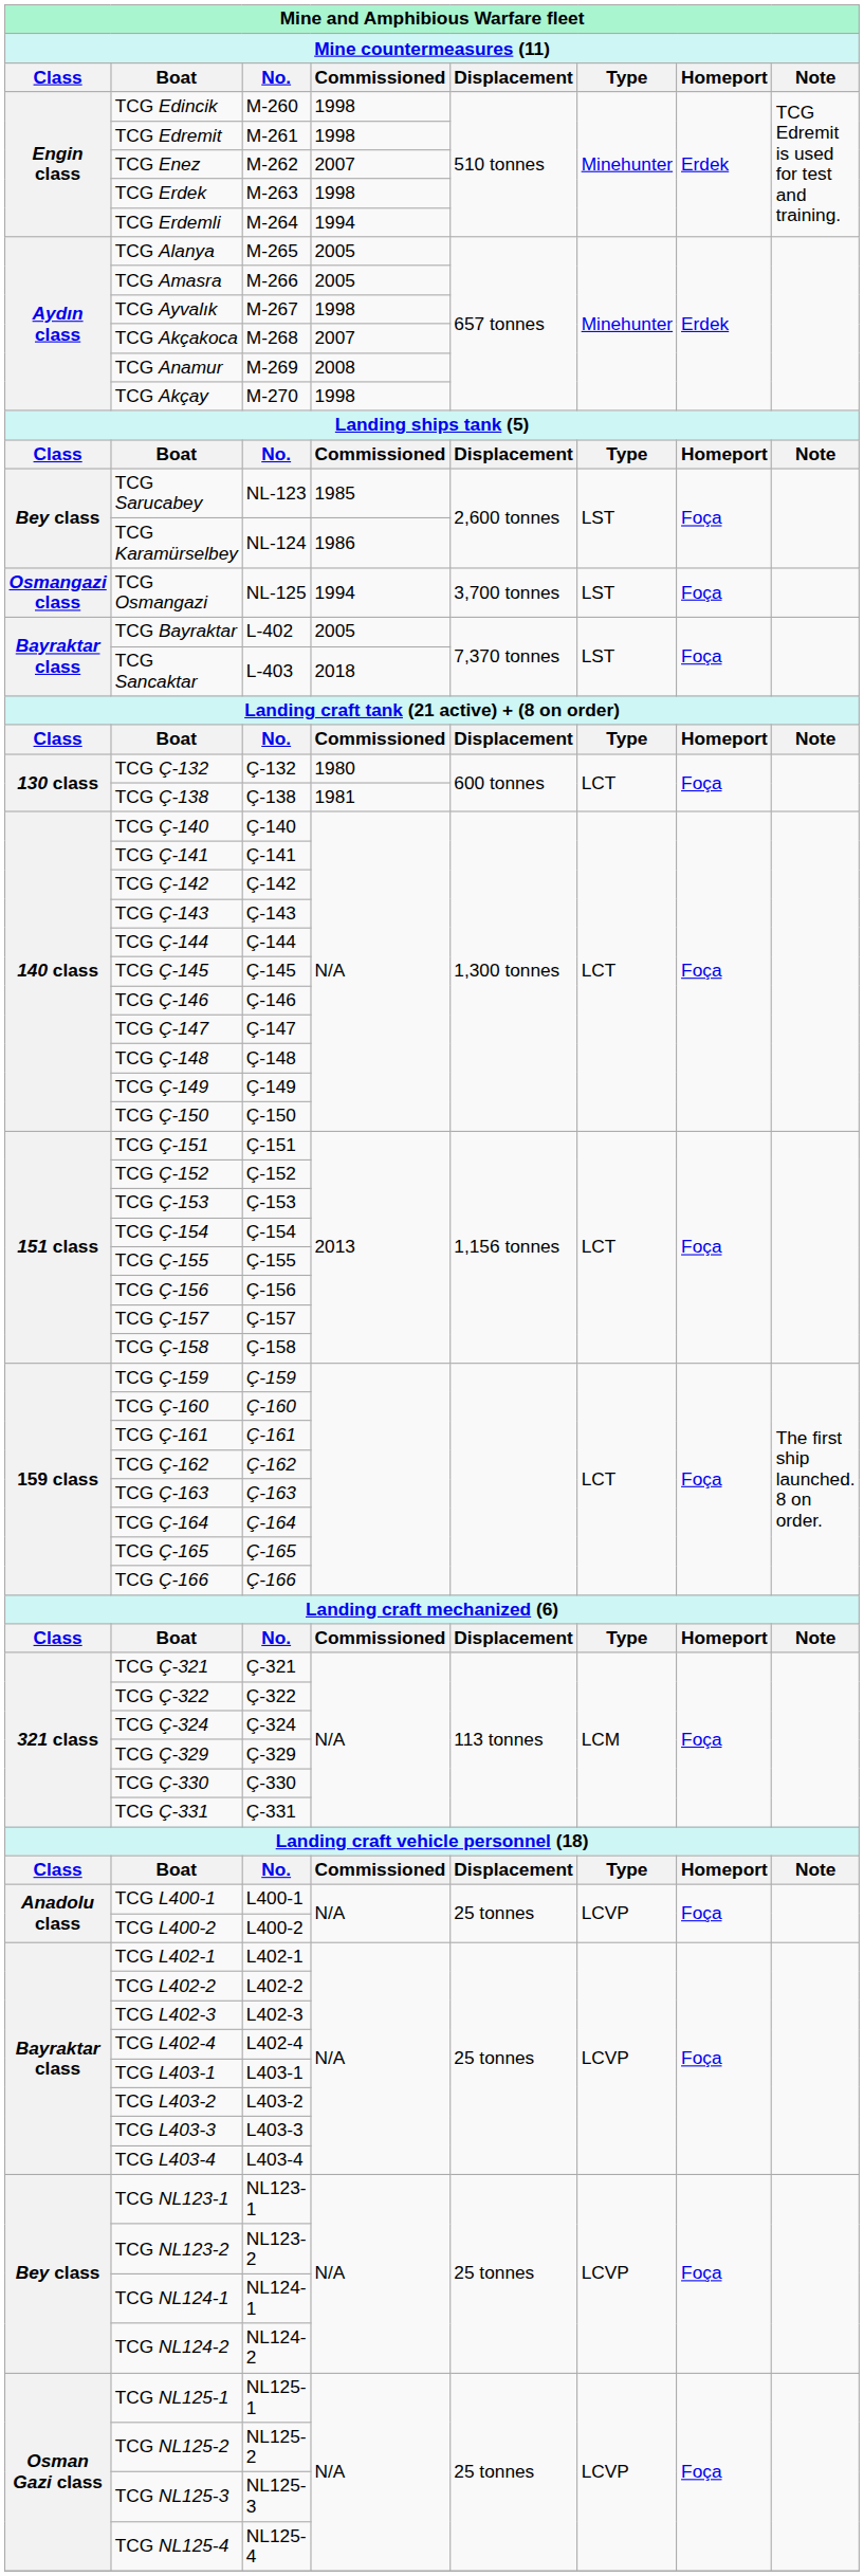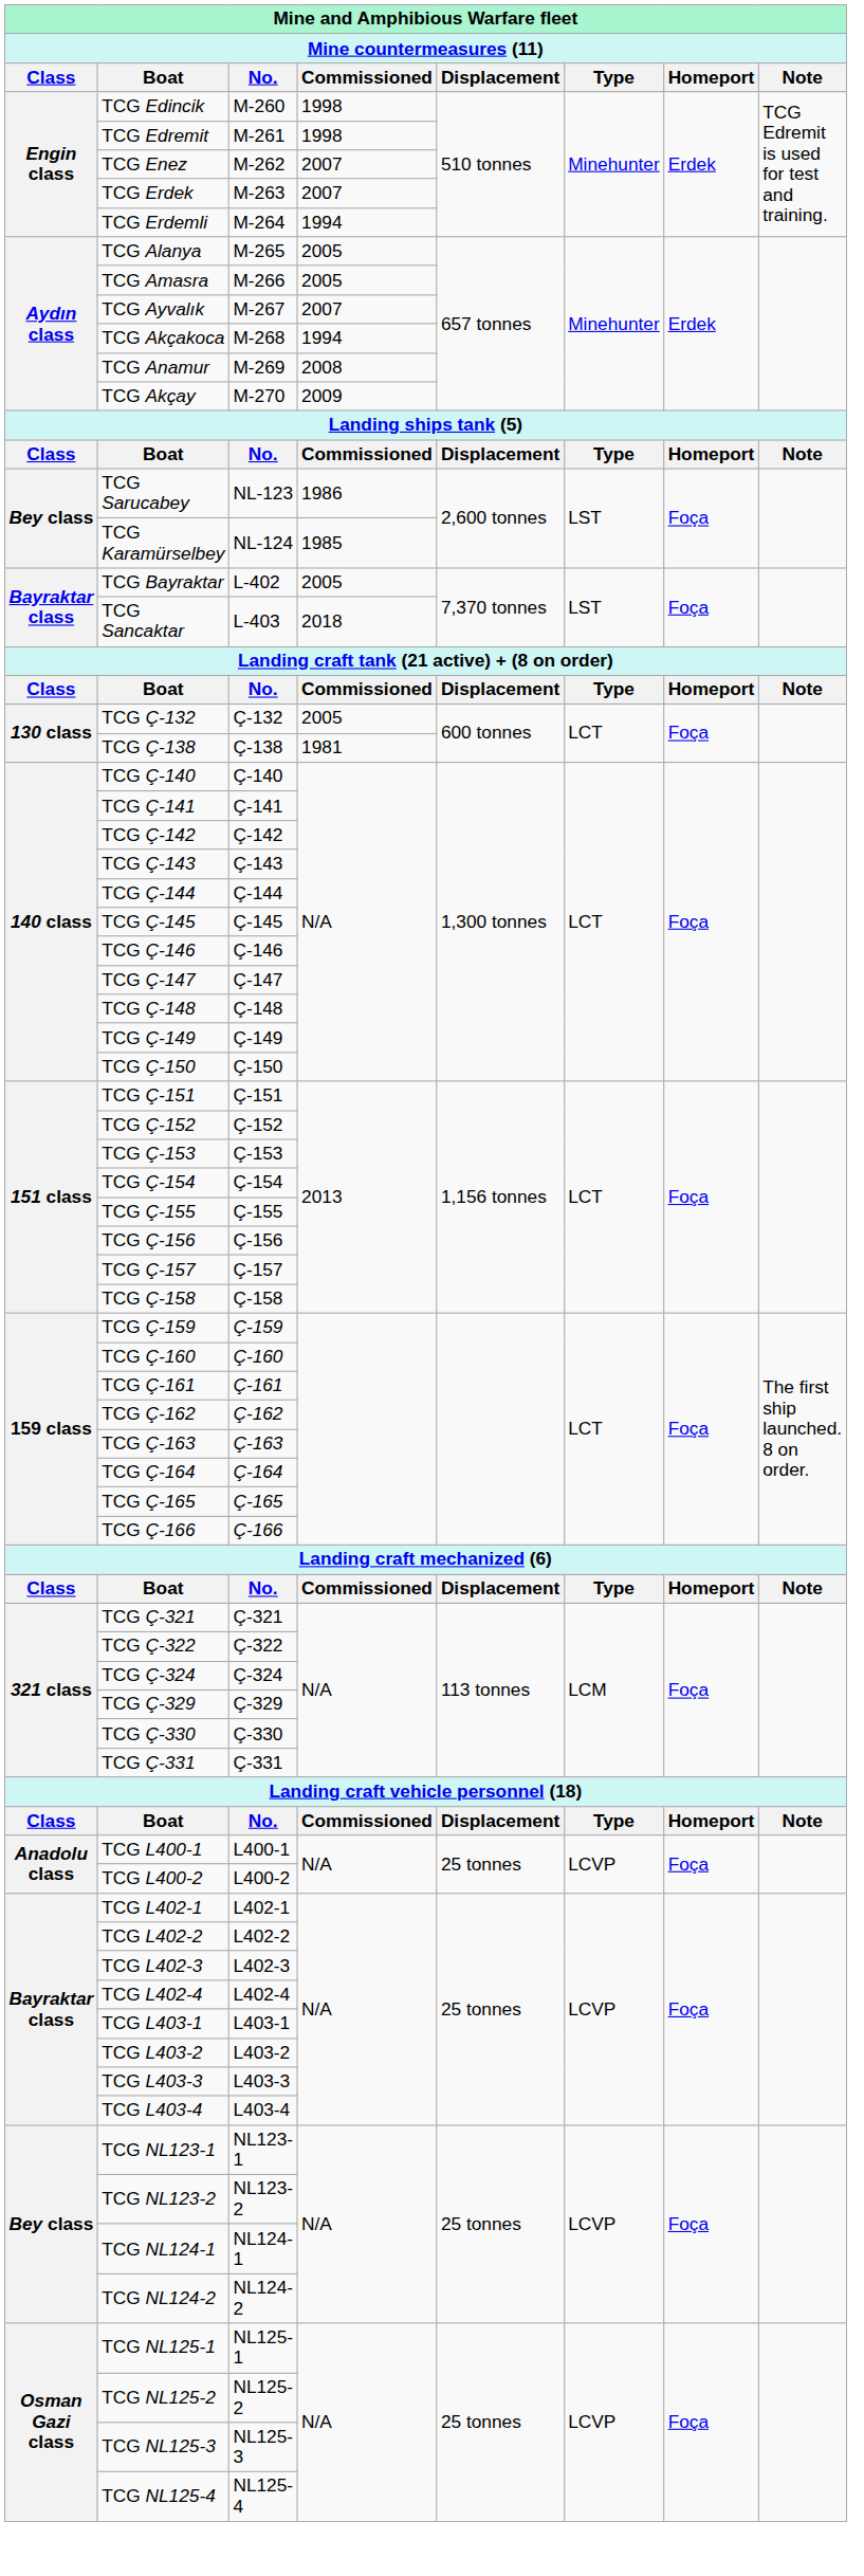 <table class="wikitable" style="margin:auto; width:100%;">
 <tr>
 <th style="align: center; background: #A9F5D0;" colspan="8">Mine and Amphibious Warfare fleet</th>
 </tr>
 <tr>
 <th style="align: center; background: #CEF6F5;" colspan="8"><a href='#'>Mine countermeasures</a> (11)</th>
 </tr>
 <tr>
 <th style="text-align:center; width:14%;"><a href='#'>Class</a></th>
 <th style="text-align:center; width:14%;">Boat</th>
 <th style="text-align:center; width:14%;"><a href='#'>No.</a></th>
 <th style="text-align:center; width:14%;">Commissioned</th>
 <th style="text-align:center; width:14%;">Displacement</th>
 <th style="text-align:center; width:14%;">Type</th>
 <th style="text-align:center; width:14%;">Homeport</th>
 <th style="text-align:center; width:2%;">Note</th>
 </tr>
 <tr>
 <th rowspan="5"><em>Engin</em> class</th>
 <td>TCG <em>Edincik</em></td>
 <td>M-260</td>
 <td>1998</td>
 <td rowspan="5">510 tonnes</td>
 <td rowspan="5"><a href='#'>Minehunter</a></td>
 <td rowspan="5"><a href='#'>Erdek</a></td>
 <td rowspan="5">TCG Edremit is used for test and training.</td>
 </tr>
 <tr>
 <td>TCG <em>Edremit</em></td>
 <td>M-261</td>
 <td>1998</td>
 </tr>
 <tr>
 <td>TCG <em>Enez</em></td>
 <td>M-262</td>
 <td>2007</td>
 </tr>
 <tr>
 <td>TCG <em>Erdek</em></td>
 <td>M-263</td>
-<td>1998</td>
+<td>2007</td>
 </tr>
 <tr>
 <td>TCG <em>Erdemli</em></td>
 <td>M-264</td>
 <td>1994</td>
 </tr>
 <tr>
 <th rowspan="6"><a href='#'><em>Aydın</em> class</a></th>
 <td>TCG <em>Alanya</em></td>
 <td>M-265</td>
 <td>2005</td>
 <td rowspan="6">657 tonnes</td>
 <td rowspan="6"><a href='#'>Minehunter</a></td>
 <td rowspan="6"><a href='#'>Erdek</a></td>
 <td rowspan="6"></td>
 </tr>
 <tr>
 <td>TCG <em>Amasra</em></td>
 <td>M-266</td>
 <td>2005</td>
 </tr>
 <tr>
 <td>TCG <em>Ayvalık</em></td>
 <td>M-267</td>
-<td>1998</td>
+<td>2007</td>
 </tr>
 <tr>
 <td>TCG <em>Akçakoca</em></td>
 <td>M-268</td>
-<td>2007</td>
+<td>1994</td>
 </tr>
 <tr>
 <td>TCG <em>Anamur</em></td>
 <td>M-269</td>
 <td>2008</td>
 </tr>
 <tr>
 <td>TCG <em>Akçay</em></td>
 <td>M-270</td>
-<td>1998</td>
+<td>2009</td>
 </tr>
 <tr>
 <th style="align: center; background: #CEF6F5;" colspan="8"><a href='#'>Landing ships tank</a> (5)</th>
 </tr>
 <tr>
 <th style="text-align:center; width:14%;"><a href='#'>Class</a></th>
 <th style="text-align:center; width:14%;">Boat</th>
 <th style="text-align:center; width:14%;"><a href='#'>No.</a></th>
 <th style="text-align:center; width:14%;">Commissioned</th>
 <th style="text-align:center; width:14%;">Displacement</th>
 <th style="text-align:center; width:14%;">Type</th>
 <th style="text-align:center; width:14%;">Homeport</th>
 <th style="text-align:center; width:2%;">Note</th>
 </tr>
 <tr>
 <th rowspan="2"><em>Bey</em> class</th>
 <td>TCG <em>Sarucabey</em></td>
 <td>NL-123</td>
-<td>1985</td>
+<td>1986</td>
 <td rowspan="2">2,600 tonnes</td>
 <td rowspan="2">LST</td>
 <td rowspan="2"><a href='#'>Foça</a></td>
 <td rowspan="2"></td>
 </tr>
 <tr>
 <td>TCG <em>Karamürselbey</em></td>
 <td>NL-124</td>
-<td>1986</td>
-</tr>
-<tr>
-<th><a href='#'><em>Osmangazi</em> class</a></th>
-<td>TCG <em>Osmangazi</em></td>
-<td>NL-125</td>
-<td>1994</td>
-<td>3,700 tonnes</td>
-<td>LST</td>
-<td><a href='#'>Foça</a></td>
-<td></td>
+<td>1985</td>
 </tr>
 <tr>
 <th rowspan="2"><a href='#'><em>Bayraktar</em> class</a></th>
 <td>TCG <em>Bayraktar</em></td>
 <td>L-402</td>
 <td>2005</td>
 <td rowspan="2">7,370 tonnes</td>
 <td rowspan="2">LST</td>
 <td rowspan="2"><a href='#'>Foça</a></td>
 <td rowspan="2"></td>
 </tr>
 <tr>
 <td>TCG <em>Sancaktar</em></td>
 <td>L-403</td>
 <td>2018</td>
 </tr>
 <tr>
 <th style="align: center; background: #CEF6F5;" colspan="8"><a href='#'>Landing craft tank</a> (21 active) + (8 on order)</th>
 </tr>
 <tr>
 <th style="text-align:center; width:14%;"><a href='#'>Class</a></th>
 <th style="text-align:center; width:14%;">Boat</th>
 <th style="text-align:center; width:14%;"><a href='#'>No.</a></th>
 <th style="text-align:center; width:14%;">Commissioned</th>
 <th style="text-align:center; width:14%;">Displacement</th>
 <th style="text-align:center; width:14%;">Type</th>
 <th style="text-align:center; width:14%;">Homeport</th>
 <th style="text-align:center; width:2%;">Note</th>
 </tr>
 <tr>
 <th rowspan="2"><em>130</em> class</th>
 <td>TCG <em>Ç-132</em></td>
 <td>Ç-132</td>
-<td>1980</td>
+<td>2005</td>
 <td rowspan="2">600 tonnes</td>
 <td rowspan="2">LCT</td>
 <td rowspan="2"><a href='#'>Foça</a></td>
 <td rowspan="2"></td>
 </tr>
 <tr>
 <td>TCG <em>Ç-138</em></td>
 <td>Ç-138</td>
 <td>1981</td>
 </tr>
 <tr>
 <th rowspan="11"><em>140</em> class</th>
 <td>TCG <em>Ç-140</em></td>
 <td>Ç-140</td>
 <td rowspan="11">N/A</td>
 <td rowspan="11">1,300 tonnes</td>
 <td rowspan="11">LCT</td>
 <td rowspan="11"><a href='#'>Foça</a></td>
 <td rowspan="11"></td>
 </tr>
 <tr>
 <td>TCG <em>Ç-141</em></td>
 <td>Ç-141</td>
 </tr>
 <tr>
 <td>TCG <em>Ç-142</em></td>
 <td>Ç-142</td>
 </tr>
 <tr>
 <td>TCG <em>Ç-143</em></td>
 <td>Ç-143</td>
 </tr>
 <tr>
 <td>TCG <em>Ç-144</em></td>
 <td>Ç-144</td>
 </tr>
 <tr>
 <td>TCG <em>Ç-145</em></td>
 <td>Ç-145</td>
 </tr>
 <tr>
 <td>TCG <em>Ç-146</em></td>
 <td>Ç-146</td>
 </tr>
 <tr>
 <td>TCG <em>Ç-147</em></td>
 <td>Ç-147</td>
 </tr>
 <tr>
 <td>TCG <em>Ç-148</em></td>
 <td>Ç-148</td>
 </tr>
 <tr>
 <td>TCG <em>Ç-149</em></td>
 <td>Ç-149</td>
 </tr>
 <tr>
 <td>TCG <em>Ç-150</em></td>
 <td>Ç-150</td>
 </tr>
 <tr>
 <th rowspan="8"><em>151</em> class</th>
 <td>TCG <em>Ç-151</em></td>
 <td>Ç-151</td>
 <td rowspan="8">2013</td>
 <td rowspan="8">1,156 tonnes</td>
 <td rowspan="8">LCT</td>
 <td rowspan="8"><a href='#'>Foça</a></td>
 <td rowspan="8"></td>
 </tr>
 <tr>
 <td>TCG <em>Ç-152</em></td>
 <td>Ç-152</td>
 </tr>
 <tr>
 <td>TCG <em>Ç-153</em></td>
 <td>Ç-153</td>
 </tr>
 <tr>
 <td>TCG <em>Ç-154</em></td>
 <td>Ç-154</td>
 </tr>
 <tr>
 <td>TCG <em>Ç-155</em></td>
 <td>Ç-155</td>
 </tr>
 <tr>
 <td>TCG <em>Ç-156</em></td>
 <td>Ç-156</td>
 </tr>
 <tr>
 <td>TCG <em>Ç-157</em></td>
 <td>Ç-157</td>
 </tr>
 <tr>
 <td>TCG <em>Ç-158</em></td>
 <td>Ç-158</td>
 </tr>
 <tr>
 <th rowspan="8">159 class</th>
 <td>TCG <em>Ç-159</em></td>
 <td><em>Ç-159</em></td>
 <td rowspan="8"></td>
 <td rowspan="8"></td>
 <td rowspan="8">LCT</td>
 <td rowspan="8"><a href='#'>Foça</a></td>
 <td rowspan="8">The first ship launched.<br>8 on order.</td>
 </tr>
 <tr>
 <td>TCG <em>Ç-160</em></td>
 <td><em>Ç-160</em></td>
 </tr>
 <tr>
 <td>TCG <em>Ç-161</em></td>
 <td><em>Ç-161</em></td>
 </tr>
 <tr>
 <td>TCG <em>Ç-162</em></td>
 <td><em>Ç-162</em></td>
 </tr>
 <tr>
 <td>TCG <em>Ç-163</em></td>
 <td><em>Ç-163</em></td>
 </tr>
 <tr>
 <td>TCG <em>Ç-164</em></td>
 <td><em>Ç-164</em></td>
 </tr>
 <tr>
 <td>TCG <em>Ç-165</em></td>
 <td><em>Ç-165</em></td>
 </tr>
 <tr>
 <td>TCG <em>Ç-166</em></td>
 <td><em>Ç-166</em></td>
 </tr>
 <tr>
 <th style="align: center; background: #CEF6F5;" colspan="8"><a href='#'>Landing craft mechanized</a> (6)</th>
 </tr>
 <tr>
 <th style="text-align:center; width:14%;"><a href='#'>Class</a></th>
 <th style="text-align:center; width:14%;">Boat</th>
 <th style="text-align:center; width:14%;"><a href='#'>No.</a></th>
 <th style="text-align:center; width:14%;">Commissioned</th>
 <th style="text-align:center; width:14%;">Displacement</th>
 <th style="text-align:center; width:14%;">Type</th>
 <th style="text-align:center; width:14%;">Homeport</th>
 <th style="text-align:center; width:2%;">Note</th>
 </tr>
 <tr>
 <th rowspan="6"><em>321</em> class</th>
 <td>TCG <em>Ç-321</em></td>
 <td>Ç-321</td>
 <td rowspan="6">N/A</td>
 <td rowspan="6">113 tonnes</td>
 <td rowspan="6">LCM</td>
 <td rowspan="6"><a href='#'>Foça</a></td>
 <td rowspan="6"></td>
 </tr>
 <tr>
 <td>TCG <em>Ç-322</em></td>
 <td>Ç-322</td>
 </tr>
 <tr>
 <td>TCG <em>Ç-324</em></td>
 <td>Ç-324</td>
 </tr>
 <tr>
 <td>TCG <em>Ç-329</em></td>
 <td>Ç-329</td>
 </tr>
 <tr>
 <td>TCG <em>Ç-330</em></td>
 <td>Ç-330</td>
 </tr>
 <tr>
 <td>TCG <em>Ç-331</em></td>
 <td>Ç-331</td>
 </tr>
 <tr>
 <th style="align: center; background: #CEF6F5;" colspan="8"><a href='#'>Landing craft vehicle personnel</a> (18)</th>
 </tr>
 <tr>
 <th style="text-align:center; width:14%;"><a href='#'>Class</a></th>
 <th style="text-align:center; width:14%;">Boat</th>
 <th style="text-align:center; width:14%;"><a href='#'>No.</a></th>
 <th style="text-align:center; width:14%;">Commissioned</th>
 <th style="text-align:center; width:14%;">Displacement</th>
 <th style="text-align:center; width:14%;">Type</th>
 <th style="text-align:center; width:14%;">Homeport</th>
 <th style="text-align:center; width:2%;">Note</th>
 </tr>
 <tr>
 <th rowspan="2"><em>Anadolu</em> class</th>
 <td>TCG <em>L400-1</em></td>
 <td>L400-1</td>
 <td rowspan="2">N/A</td>
 <td rowspan="2">25 tonnes</td>
 <td rowspan="2">LCVP</td>
 <td rowspan="2"><a href='#'>Foça</a></td>
 <td rowspan="2"></td>
 </tr>
 <tr>
 <td>TCG <em>L400-2</em></td>
 <td>L400-2</td>
 </tr>
 <tr>
 <th rowspan="8"><em>Bayraktar</em> class</th>
 <td>TCG <em>L402-1</em></td>
 <td>L402-1</td>
 <td rowspan="8">N/A</td>
 <td rowspan="8">25 tonnes</td>
 <td rowspan="8">LCVP</td>
 <td rowspan="8"><a href='#'>Foça</a></td>
 <td rowspan="8"></td>
 </tr>
 <tr>
 <td>TCG <em>L402-2</em></td>
 <td>L402-2</td>
 </tr>
 <tr>
 <td>TCG <em>L402-3</em></td>
 <td>L402-3</td>
 </tr>
 <tr>
 <td>TCG <em>L402-4</em></td>
 <td>L402-4</td>
 </tr>
 <tr>
 <td>TCG <em>L403-1</em></td>
 <td>L403-1</td>
 </tr>
 <tr>
 <td>TCG <em>L403-2</em></td>
 <td>L403-2</td>
 </tr>
 <tr>
 <td>TCG <em>L403-3</em></td>
 <td>L403-3</td>
 </tr>
 <tr>
 <td>TCG <em>L403-4</em></td>
 <td>L403-4</td>
 </tr>
 <tr>
 <th rowspan="4"><em>Bey</em> class</th>
 <td>TCG <em>NL123-1</em></td>
 <td>NL123-1</td>
 <td rowspan="4">N/A</td>
 <td rowspan="4">25 tonnes</td>
 <td rowspan="4">LCVP</td>
 <td rowspan="4"><a href='#'>Foça</a></td>
 <td rowspan="4"></td>
 </tr>
 <tr>
 <td>TCG <em>NL123-2</em></td>
 <td>NL123-2</td>
 </tr>
 <tr>
 <td>TCG <em>NL124-1</em></td>
 <td>NL124-1</td>
 </tr>
 <tr>
 <td>TCG <em>NL124-2</em></td>
 <td>NL124-2</td>
 </tr>
 <tr>
 <th rowspan="4"><em>Osman Gazi</em> class</th>
 <td>TCG <em>NL125-1</em></td>
 <td>NL125-1</td>
 <td rowspan="4">N/A</td>
 <td rowspan="4">25 tonnes</td>
 <td rowspan="4">LCVP</td>
 <td rowspan="4"><a href='#'>Foça</a></td>
 <td rowspan="4"></td>
 </tr>
 <tr>
 <td>TCG <em>NL125-2</em></td>
 <td>NL125-2</td>
 </tr>
 <tr>
 <td>TCG <em>NL125-3</em></td>
 <td>NL125-3</td>
 </tr>
 <tr>
 <td>TCG <em>NL125-4</em></td>
 <td>NL125-4</td>
 </tr>
 <tr>
 </tr>
 </table>
